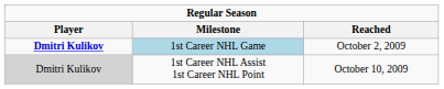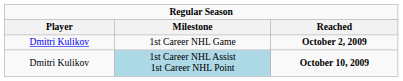 <table class="wikitable" width="52%" style="text-align:center">
 <tr>
 <td colspan="10" align="center"><strong>Regular Season</strong></td>
 </tr>
 <tr>
 <th>Player</th>
 <th>Milestone</th>
 <th>Reached</th>
 </tr>
 <tr>
-<td><strong><a href='#'>Dmitri Kulikov</a></strong></td>
-<td style="background: lightblue;">1st Career NHL Game</td>
-<td>October 2, 2009</td>
+<td><a href='#'>Dmitri Kulikov</a></td>
+<td>1st Career NHL Game</td>
+<td><strong>October 2, 2009</strong></td>
 </tr>
 <tr>
-<td style="background: lightgrey;">Dmitri Kulikov</td>
-<td>1st Career NHL Assist<br>1st Career NHL Point</td>
-<td>October 10, 2009</td>
+<td>Dmitri Kulikov</td>
+<td style="background: lightblue;">1st Career NHL Assist<br>1st Career NHL Point</td>
+<td><strong>October 10, 2009</strong></td>
 </tr>
 </table>
